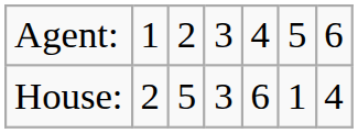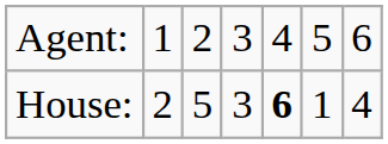 <table class="wikitable">
 <tr>
 <td>Agent:</td>
 <td>1</td>
 <td>2</td>
 <td>3</td>
 <td>4</td>
 <td>5</td>
 <td>6</td>
 </tr>
 <tr>
 <td>House:</td>
 <td>2</td>
 <td>5</td>
 <td>3</td>
-<td>6</td>
+<td><strong>6</strong></td>
 <td>1</td>
 <td>4</td>
 </tr>
 </table>
